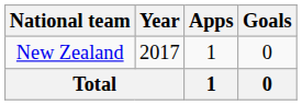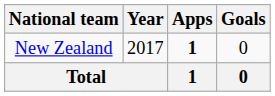 <table class=wikitable style=text-align:center>
 <tr>
 <th>National team</th>
 <th>Year</th>
 <th>Apps</th>
 <th>Goals</th>
 </tr>
 <tr>
 <td rowspan=1><a href='#'>New Zealand</a></td>
 <td>2017</td>
-<td>1</td>
+<td><strong>1</strong></td>
 <td>0</td>
 </tr>
 <tr>
 <th colspan=2>Total</th>
 <th>1</th>
 <th>0</th>
 </tr>
 </table>
